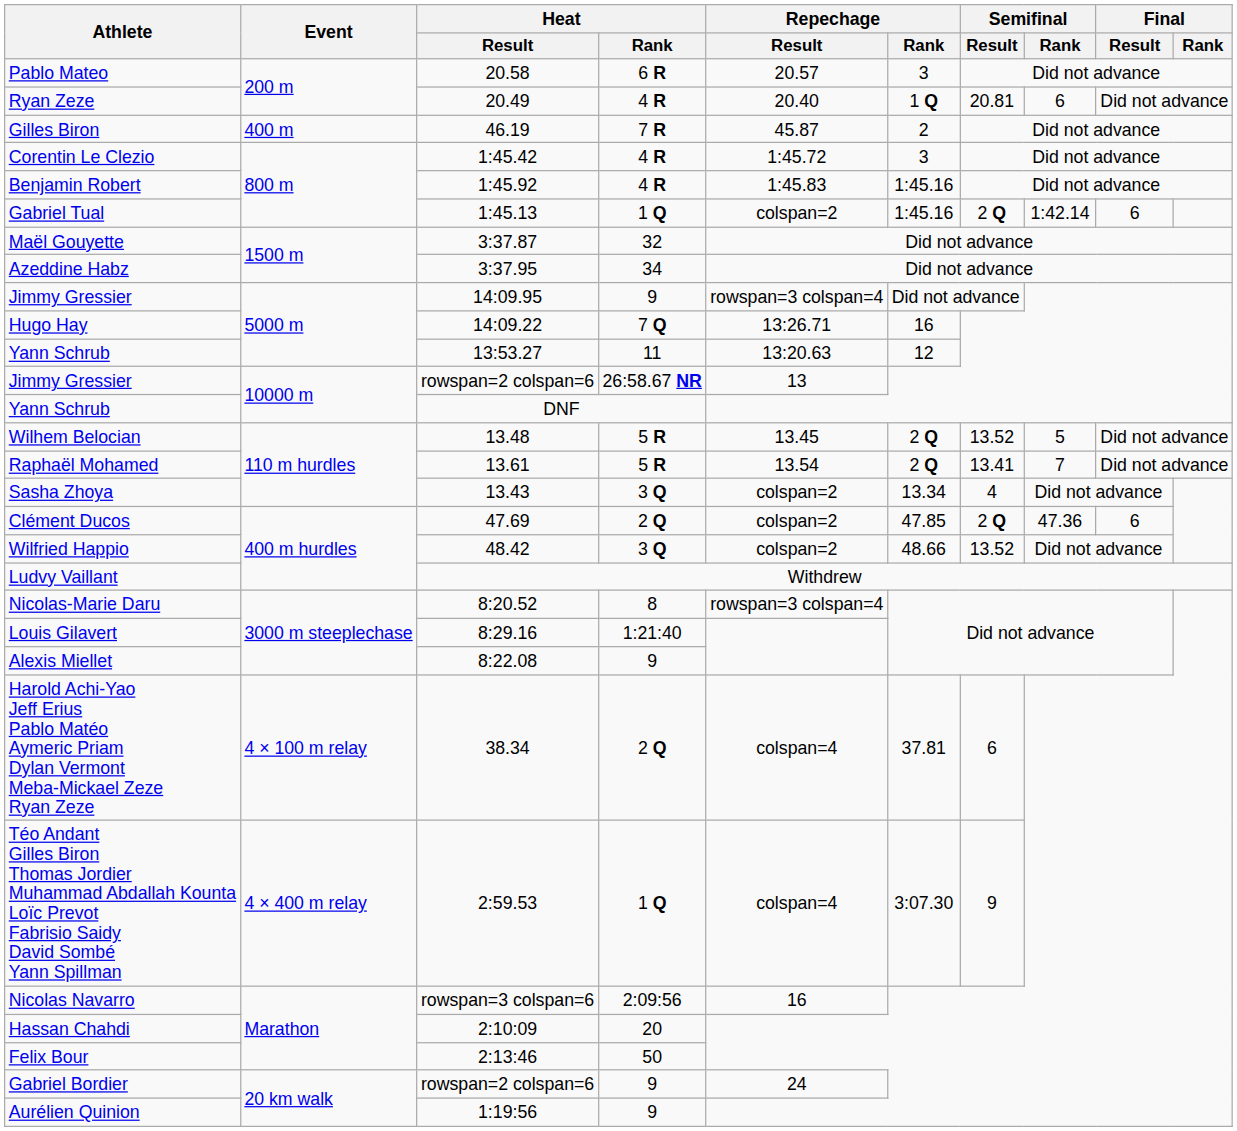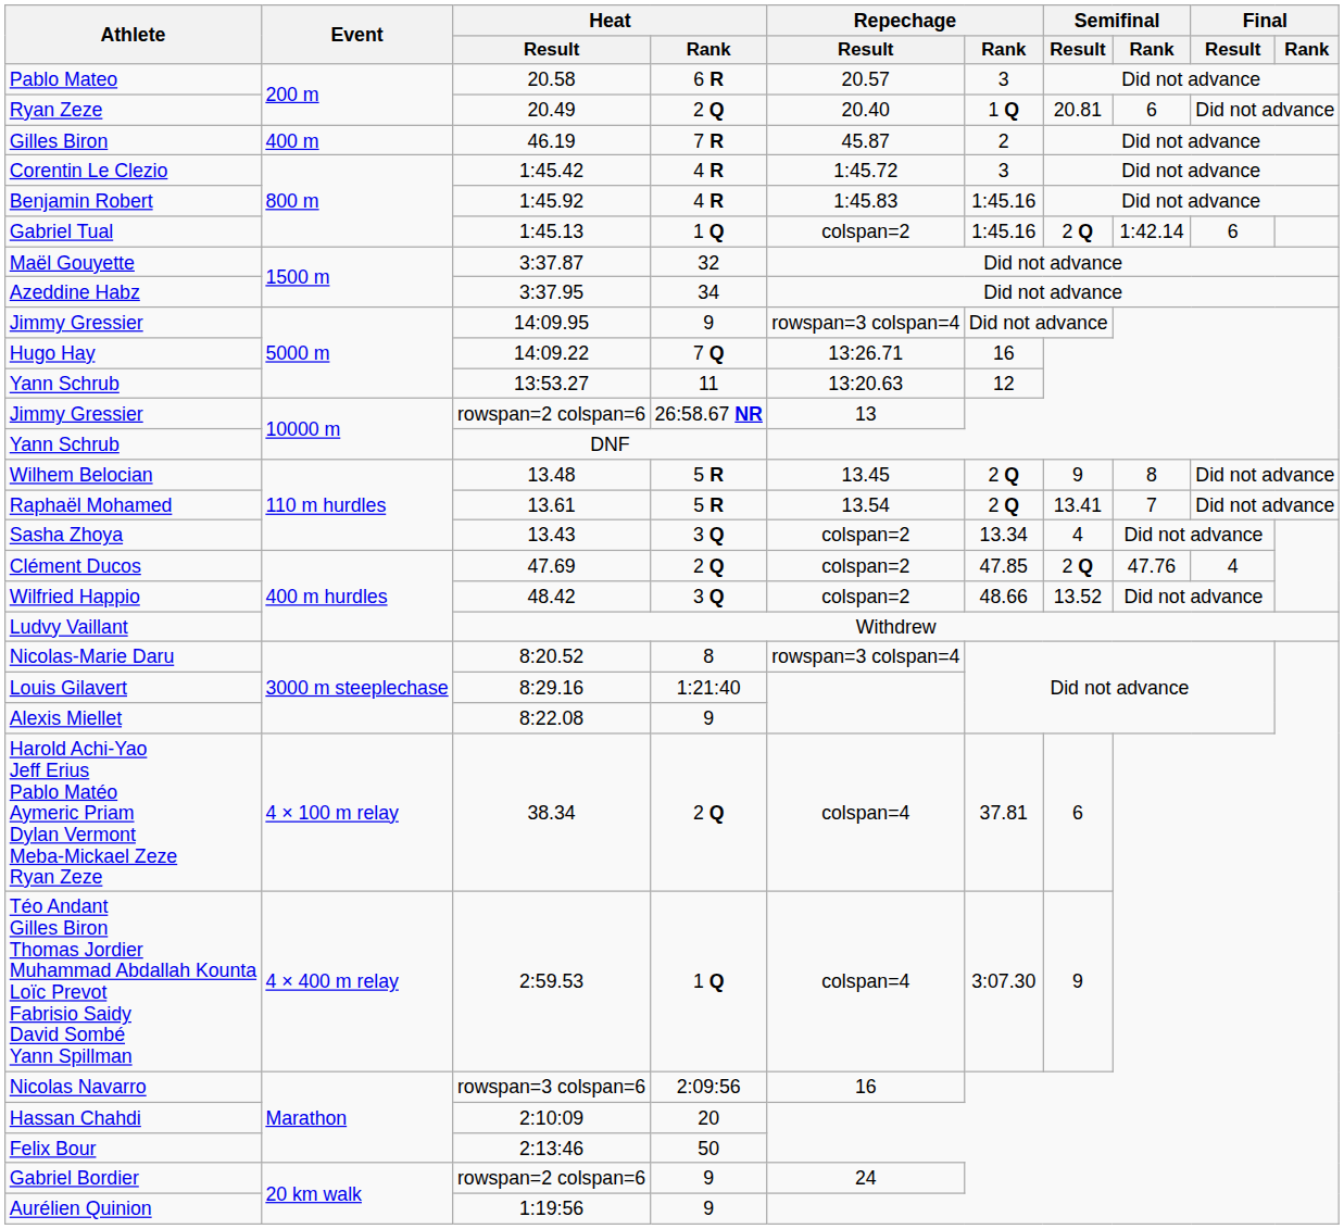 <table class="wikitable" style="font-size:90%">
 <tr>
 <th rowspan="2">Athlete</th>
 <th rowspan="2">Event</th>
 <th colspan="2">Heat</th>
 <th colspan="2">Repechage</th>
 <th colspan="2">Semifinal</th>
 <th colspan="2">Final</th>
 </tr>
 <tr style="font-size:95%">
 <th>Result</th>
 <th>Rank</th>
 <th>Result</th>
 <th>Rank</th>
 <th>Result</th>
 <th>Rank</th>
 <th>Result</th>
 <th>Rank</th>
 </tr>
 <tr align=center>
 <td align=left><a href='#'>Pablo Mateo</a></td>
 <td align=left rowspan=2><a href='#'>200 m</a></td>
 <td>20.58</td>
 <td>6 <strong>R</strong></td>
 <td>20.57</td>
 <td>3</td>
 <td colspan=4>Did not advance</td>
 </tr>
 <tr align=center>
 <td align=left><a href='#'>Ryan Zeze</a></td>
 <td>20.49</td>
-<td>4 <strong>R</strong></td>
+<td>2 <strong>Q</strong></td>
 <td>20.40</td>
 <td>1 <strong>Q</strong></td>
 <td>20.81</td>
 <td>6</td>
 <td colspan="2">Did not advance</td>
 </tr>
 <tr align=center>
 <td align=left><a href='#'>Gilles Biron</a></td>
 <td align=left><a href='#'>400 m</a></td>
 <td>46.19</td>
 <td>7 <strong>R</strong></td>
 <td>45.87</td>
 <td>2</td>
 <td colspan=4>Did not advance</td>
 </tr>
 <tr align=center>
 <td align=left><a href='#'>Corentin Le Clezio</a></td>
 <td align=left rowspan=3><a href='#'>800 m</a></td>
 <td>1:45.42</td>
 <td>4 <strong>R</strong></td>
 <td>1:45.72</td>
 <td>3</td>
 <td colspan=4>Did not advance</td>
 </tr>
 <tr align=center>
 <td align=left><a href='#'>Benjamin Robert</a></td>
 <td>1:45.92</td>
 <td>4 <strong>R</strong></td>
 <td>1:45.83</td>
 <td>1:45.16</td>
 <td colspan=4>Did not advance</td>
 </tr>
 <tr align=center>
 <td align=left><a href='#'>Gabriel Tual</a></td>
 <td>1:45.13</td>
 <td>1 <strong>Q</strong></td>
 <td>colspan=2 </td>
 <td>1:45.16</td>
 <td>2 <strong>Q</strong></td>
 <td>1:42.14</td>
 <td>6</td>
 </tr>
 <tr align=center>
 <td align=left><a href='#'>Maël Gouyette</a></td>
 <td align=left rowspan=2><a href='#'>1500 m</a></td>
 <td>3:37.87</td>
 <td>32</td>
 <td colspan="6">Did not advance</td>
 </tr>
 <tr align=center>
 <td align=left><a href='#'>Azeddine Habz</a></td>
 <td>3:37.95</td>
 <td>34</td>
 <td colspan="6">Did not advance</td>
 </tr>
 <tr align=center>
 <td align=left><a href='#'>Jimmy Gressier</a></td>
 <td align=left rowspan=3><a href='#'>5000 m</a></td>
 <td>14:09.95</td>
 <td>9</td>
 <td>rowspan=3 colspan=4 </td>
 <td colspan=2>Did not advance</td>
 </tr>
 <tr align=center>
 <td align=left><a href='#'>Hugo Hay</a></td>
 <td>14:09.22</td>
 <td>7 <strong>Q</strong></td>
 <td>13:26.71 <strong></strong></td>
 <td>16</td>
 </tr>
 <tr align=center>
 <td align=left><a href='#'>Yann Schrub</a></td>
 <td>13:53.27</td>
 <td>11 <strong></strong></td>
 <td>13:20.63</td>
 <td>12</td>
 </tr>
 <tr align=center>
 <td align=left><a href='#'>Jimmy Gressier</a></td>
 <td align=left rowspan=2><a href='#'>10000 m</a></td>
 <td>rowspan=2 colspan=6 </td>
 <td>26:58.67 <strong><a href='#'>NR</a></strong></td>
 <td>13</td>
 </tr>
 <tr align=center>
 <td align=left><a href='#'>Yann Schrub</a></td>
 <td colspan="2">DNF</td>
 </tr>
 <tr align=center>
 <td align=left><a href='#'>Wilhem Belocian</a></td>
 <td align=left rowspan=3><a href='#'>110 m hurdles</a></td>
 <td>13.48 <strong></strong></td>
 <td>5 <strong>R</strong></td>
 <td>13.45</td>
 <td>2 <strong>Q</strong></td>
-<td>13.52</td>
-<td>5</td>
+<td>9</td>
+<td>8</td>
 <td colspan="2">Did not advance</td>
 </tr>
 <tr align=center>
 <td align=left><a href='#'>Raphaël Mohamed</a></td>
 <td>13.61</td>
 <td>5 <strong>R</strong></td>
 <td>13.54</td>
 <td>2 <strong>Q</strong></td>
 <td>13.41</td>
 <td>7</td>
 <td colspan="2">Did not advance</td>
 </tr>
 <tr align=center>
 <td align=left><a href='#'>Sasha Zhoya</a></td>
 <td>13.43</td>
 <td>3 <strong>Q</strong></td>
 <td>colspan=2 </td>
 <td>13.34</td>
 <td>4</td>
 <td colspan="2">Did not advance</td>
 </tr>
 <tr align=center>
 <td align=left><a href='#'>Clément Ducos</a></td>
 <td align=left rowspan=3><a href='#'>400 m hurdles</a></td>
 <td>47.69 <strong></strong></td>
 <td>2 <strong>Q</strong></td>
 <td>colspan=2 </td>
 <td>47.85</td>
 <td>2 <strong>Q</strong></td>
-<td>47.36</td>
-<td>6</td>
+<td>47.76</td>
+<td>4</td>
 </tr>
 <tr align=center>
 <td align=left><a href='#'>Wilfried Happio</a></td>
 <td>48.42</td>
 <td>3 <strong>Q</strong></td>
 <td>colspan=2 </td>
 <td>48.66</td>
 <td>13.52</td>
 <td colspan="2">Did not advance</td>
 </tr>
 <tr align=center>
 <td align=left><a href='#'>Ludvy Vaillant</a></td>
 <td colspan=8>Withdrew</td>
 </tr>
 <tr align=center>
 <td align=left><a href='#'>Nicolas-Marie Daru</a></td>
 <td align=left rowspan=3><a href='#'>3000 m steeplechase</a></td>
 <td>8:20.52</td>
 <td>8</td>
 <td>rowspan=3 colspan=4</td>
 <td rowspan=3 colspan=4>Did not advance</td>
 </tr>
 <tr align=center>
 <td align=left><a href='#'>Louis Gilavert</a></td>
 <td>8:29.16</td>
 <td>1:21:40</td>
 </tr>
 <tr align=center>
 <td align=left><a href='#'>Alexis Miellet</a></td>
 <td>8:22.08</td>
 <td>9</td>
 </tr>
 <tr align=center>
 <td align=left><a href='#'>Harold Achi-Yao</a><br><a href='#'>Jeff Erius</a><br><a href='#'>Pablo Matéo</a><br><a href='#'>Aymeric Priam</a><br><a href='#'>Dylan Vermont</a><br><a href='#'>Meba-Mickael Zeze</a><br><a href='#'>Ryan Zeze</a></td>
 <td align=left><a href='#'>4 × 100 m relay</a></td>
 <td>38.34</td>
 <td>2 <strong>Q</strong></td>
 <td>colspan=4 </td>
 <td>37.81</td>
 <td>6</td>
 </tr>
 <tr align=center>
 <td align=left><a href='#'>Téo Andant</a><br><a href='#'>Gilles Biron</a><br><a href='#'>Thomas Jordier</a><br><a href='#'>Muhammad Abdallah Kounta</a><br><a href='#'>Loïc Prevot</a><br><a href='#'>Fabrisio Saidy</a><br><a href='#'>David Sombé</a><br><a href='#'>Yann Spillman</a></td>
 <td align=left><a href='#'>4 × 400 m relay</a></td>
 <td>2:59.53 <strong></strong></td>
 <td>1 <strong>Q</strong></td>
 <td>colspan=4 </td>
 <td>3:07.30</td>
 <td>9</td>
 </tr>
 <tr align=center>
 <td align=left><a href='#'>Nicolas Navarro</a></td>
 <td align=left rowspan=3><a href='#'>Marathon</a></td>
 <td>rowspan=3 colspan=6 </td>
 <td>2:09:56 <strong></strong></td>
 <td>16</td>
 </tr>
 <tr align=center>
 <td align=left><a href='#'>Hassan Chahdi</a></td>
 <td>2:10:09</td>
 <td>20</td>
 </tr>
 <tr align=center>
 <td align=left><a href='#'>Felix Bour</a></td>
 <td>2:13:46 <strong></strong></td>
 <td>50</td>
 </tr>
 <tr align=center>
 <td align=left><a href='#'>Gabriel Bordier</a></td>
 <td align=left rowspan=2><a href='#'>20 km walk</a></td>
 <td>rowspan=2 colspan=6 </td>
 <td>9</td>
 <td>24</td>
 </tr>
 <tr align=center>
 <td align=left><a href='#'>Aurélien Quinion</a></td>
 <td>1:19:56</td>
 <td>9</td>
 </tr>
 </table>
